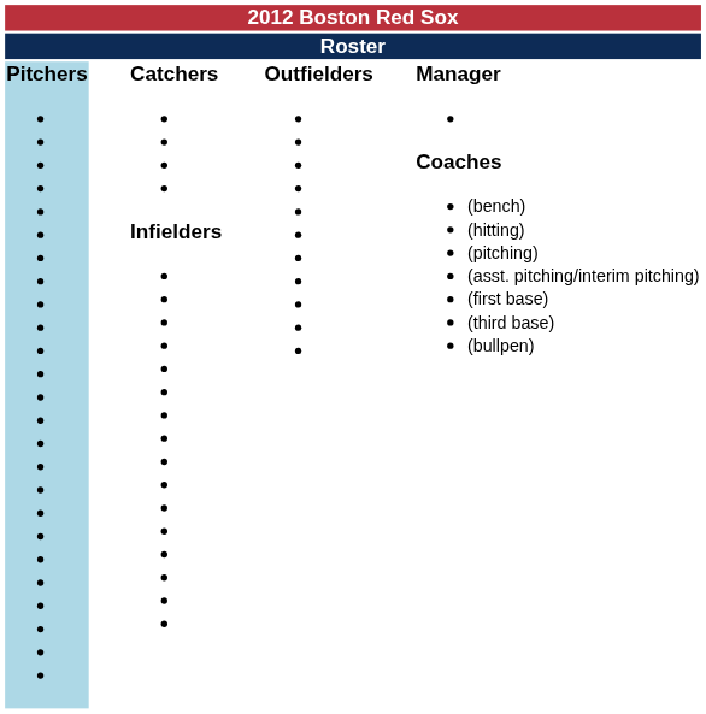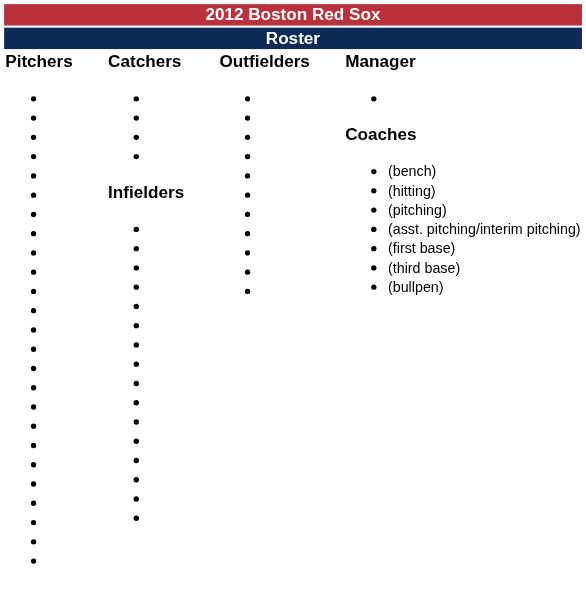 <table class="toccolours" style="text-align: left;">
 <tr>
 <th colspan="10" style="background-color: #ba313c; color: #FFFFFF; text-align: center;">2012 Boston Red Sox</th>
 </tr>
 <tr>
 <td colspan="10" style="background-color:#0d2b56; color: white; text-align: center;"><strong>Roster</strong></td>
 </tr>
 <tr>
-<td valign="top" style="background: lightblue;"><strong>Pitchers</strong><br><ul><li></li><li></li><li></li><li></li><li></li><li></li><li></li><li></li><li></li><li></li><li></li><li></li><li></li><li></li><li></li><li></li><li></li><li></li><li></li><li></li><li></li><li></li><li></li><li></li><li></li></ul></td>
+<td valign="top"><strong>Pitchers</strong><br><ul><li></li><li></li><li></li><li></li><li></li><li></li><li></li><li></li><li></li><li></li><li></li><li></li><li></li><li></li><li></li><li></li><li></li><li></li><li></li><li></li><li></li><li></li><li></li><li></li><li></li></ul></td>
 <td width="25px"></td>
 <td valign="top"><strong>Catchers</strong><br><ul><li></li><li></li><li></li><li></li></ul><strong>Infielders</strong><ul><li></li><li></li><li></li><li></li><li></li><li></li><li></li><li></li><li></li><li></li><li></li><li></li><li></li><li></li><li></li><li></li></ul></td>
 <td width="25px"></td>
 <td valign="top"><strong>Outfielders</strong><br><ul><li></li><li></li><li></li><li></li><li></li><li></li><li></li><li></li><li></li><li></li><li></li></ul></td>
 <td width="25px"></td>
 <td valign="top"><strong>Manager</strong><br><ul><li></li></ul><strong>Coaches</strong><ul><li> <small>(bench)</small></li><li> <small>(hitting)</small></li><li> <small>(pitching)</small></li><li> <small>(asst. pitching/interim pitching)</small></li><li> <small>(first base)</small></li><li> <small>(third base)</small></li><li> <small>(bullpen)</small></li></ul></td>
 </tr>
 <tr>
 </tr>
 </table>
